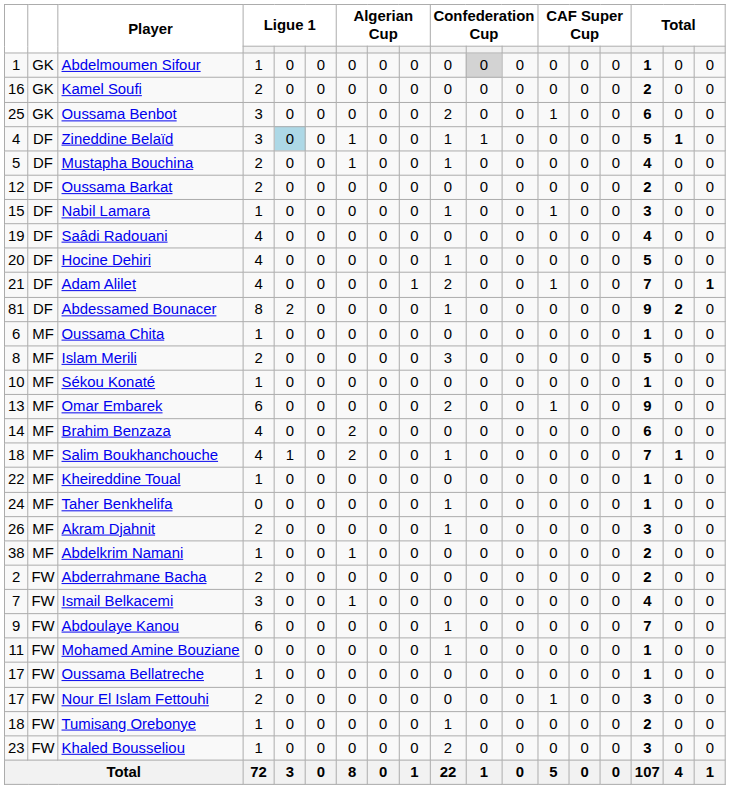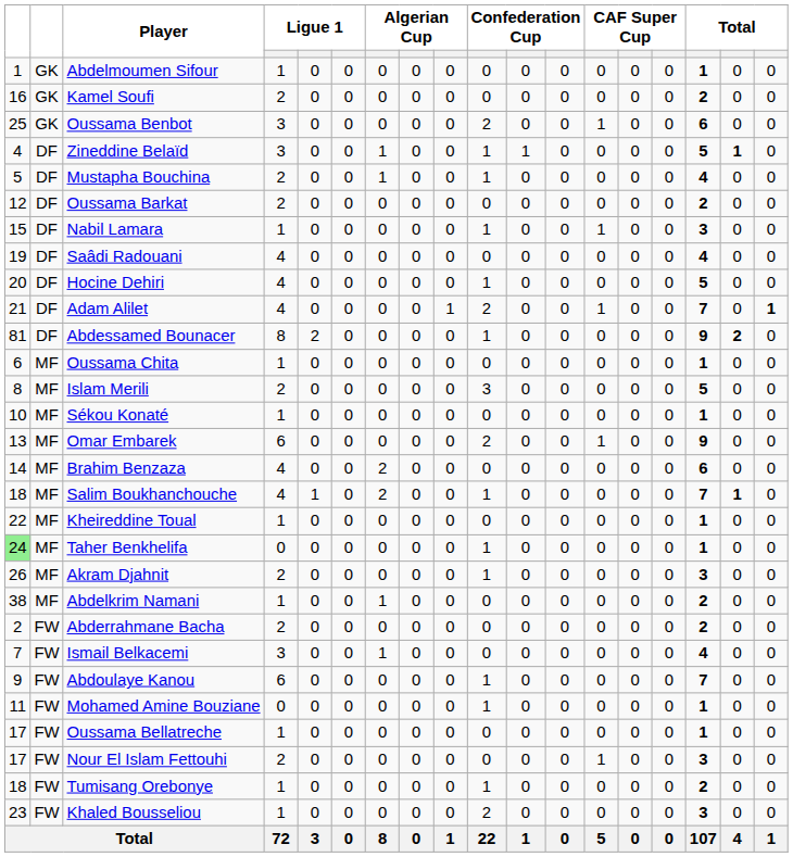 <table class="wikitable sortable nowrap" style="font-size: 96%; text-align: center;">
 <tr>
 <th rowspan="2" style="background:white; color:black; text-align:center;"></th>
 <th rowspan="2" style="background:white; color:black; text-align:center;"></th>
 <th rowspan="2" style="background:white; color:black; text-align:center;">Player</th>
 <th colspan="3" style="background:white; color:black; text-align:center;">Ligue 1</th>
 <th colspan="3" style="background:white; color:black; text-align:center;">Algerian Cup</th>
 <th colspan="3" style="background:white; color:black; text-align:center;">Confederation Cup</th>
 <th colspan="3" style="background:white; color:black; text-align:center;">CAF Super Cup</th>
 <th colspan="3" style="background:white; color:black; text-align:center;">Total</th>
 </tr>
 <tr>
 <th width=25></th>
 <th width=25></th>
 <th width=25></th>
 <th width=25></th>
 <th width=25></th>
 <th width=25></th>
 <th width=25></th>
 <th width=25></th>
 <th width=25></th>
 <th width=25></th>
 <th width=25></th>
 <th width=25></th>
 <th width=25></th>
 <th width=25></th>
 <th width=25></th>
 </tr>
 <tr>
 <td>1</td>
 <td>GK</td>
 <td style="text-align:left"> <a href='#'>Abdelmoumen Sifour</a></td>
 <td>1</td>
 <td>0</td>
 <td>0</td>
 <td>0</td>
 <td>0</td>
 <td>0</td>
 <td>0</td>
-<td style="background: lightgrey;">0</td>
+<td>0</td>
 <td>0</td>
 <td>0</td>
 <td>0</td>
 <td>0</td>
 <td><strong>1</strong></td>
 <td>0</td>
 <td>0</td>
 </tr>
 <tr>
 <td>16</td>
 <td>GK</td>
 <td style="text-align:left"> <a href='#'>Kamel Soufi</a></td>
 <td>2</td>
 <td>0</td>
 <td>0</td>
 <td>0</td>
 <td>0</td>
 <td>0</td>
 <td>0</td>
 <td>0</td>
 <td>0</td>
 <td>0</td>
 <td>0</td>
 <td>0</td>
 <td><strong>2</strong></td>
 <td>0</td>
 <td>0</td>
 </tr>
 <tr>
 <td>25</td>
 <td>GK</td>
 <td style="text-align:left"> <a href='#'>Oussama Benbot</a></td>
 <td>3</td>
 <td>0</td>
 <td>0</td>
 <td>0</td>
 <td>0</td>
 <td>0</td>
 <td>2</td>
 <td>0</td>
 <td>0</td>
 <td>1</td>
 <td>0</td>
 <td>0</td>
 <td><strong>6</strong></td>
 <td>0</td>
 <td>0</td>
 </tr>
 <tr>
 <td>4</td>
 <td>DF</td>
 <td style="text-align:left"> <a href='#'>Zineddine Belaïd</a></td>
 <td>3</td>
-<td style="background: lightblue;">0</td>
+<td>0</td>
 <td>0</td>
 <td>1</td>
 <td>0</td>
 <td>0</td>
 <td>1</td>
 <td>1</td>
 <td>0</td>
 <td>0</td>
 <td>0</td>
 <td>0</td>
 <td><strong>5</strong></td>
 <td><strong>1</strong></td>
 <td>0</td>
 </tr>
 <tr>
 <td>5</td>
 <td>DF</td>
 <td style="text-align:left"> <a href='#'>Mustapha Bouchina</a></td>
 <td>2</td>
 <td>0</td>
 <td>0</td>
 <td>1</td>
 <td>0</td>
 <td>0</td>
 <td>1</td>
 <td>0</td>
 <td>0</td>
 <td>0</td>
 <td>0</td>
 <td>0</td>
 <td><strong>4</strong></td>
 <td>0</td>
 <td>0</td>
 </tr>
 <tr>
 <td>12</td>
 <td>DF</td>
 <td style="text-align:left"> <a href='#'>Oussama Barkat</a></td>
 <td>2</td>
 <td>0</td>
 <td>0</td>
 <td>0</td>
 <td>0</td>
 <td>0</td>
 <td>0</td>
 <td>0</td>
 <td>0</td>
 <td>0</td>
 <td>0</td>
 <td>0</td>
 <td><strong>2</strong></td>
 <td>0</td>
 <td>0</td>
 </tr>
 <tr>
 <td>15</td>
 <td>DF</td>
 <td style="text-align:left"> <a href='#'>Nabil Lamara</a></td>
 <td>1</td>
 <td>0</td>
 <td>0</td>
 <td>0</td>
 <td>0</td>
 <td>0</td>
 <td>1</td>
 <td>0</td>
 <td>0</td>
 <td>1</td>
 <td>0</td>
 <td>0</td>
 <td><strong>3</strong></td>
 <td>0</td>
 <td>0</td>
 </tr>
 <tr>
 <td>19</td>
 <td>DF</td>
 <td style="text-align:left"> <a href='#'>Saâdi Radouani</a></td>
 <td>4</td>
 <td>0</td>
 <td>0</td>
 <td>0</td>
 <td>0</td>
 <td>0</td>
 <td>0</td>
 <td>0</td>
 <td>0</td>
 <td>0</td>
 <td>0</td>
 <td>0</td>
 <td><strong>4</strong></td>
 <td>0</td>
 <td>0</td>
 </tr>
 <tr>
 <td>20</td>
 <td>DF</td>
 <td style="text-align:left"> <a href='#'>Hocine Dehiri</a></td>
 <td>4</td>
 <td>0</td>
 <td>0</td>
 <td>0</td>
 <td>0</td>
 <td>0</td>
 <td>1</td>
 <td>0</td>
 <td>0</td>
 <td>0</td>
 <td>0</td>
 <td>0</td>
 <td><strong>5</strong></td>
 <td>0</td>
 <td>0</td>
 </tr>
 <tr>
 <td>21</td>
 <td>DF</td>
 <td style="text-align:left"> <a href='#'>Adam Alilet</a></td>
 <td>4</td>
 <td>0</td>
 <td>0</td>
 <td>0</td>
 <td>0</td>
 <td>1</td>
 <td>2</td>
 <td>0</td>
 <td>0</td>
 <td>1</td>
 <td>0</td>
 <td>0</td>
 <td><strong>7</strong></td>
 <td>0</td>
 <td><strong>1</strong></td>
 </tr>
 <tr>
 <td>81</td>
 <td>DF</td>
 <td style="text-align:left"> <a href='#'>Abdessamed Bounacer</a></td>
 <td>8</td>
 <td>2</td>
 <td>0</td>
 <td>0</td>
 <td>0</td>
 <td>0</td>
 <td>1</td>
 <td>0</td>
 <td>0</td>
 <td>0</td>
 <td>0</td>
 <td>0</td>
 <td><strong>9</strong></td>
 <td><strong>2</strong></td>
 <td>0</td>
 </tr>
 <tr>
 <td>6</td>
 <td>MF</td>
 <td style="text-align:left"> <a href='#'>Oussama Chita</a></td>
 <td>1</td>
 <td>0</td>
 <td>0</td>
 <td>0</td>
 <td>0</td>
 <td>0</td>
 <td>0</td>
 <td>0</td>
 <td>0</td>
 <td>0</td>
 <td>0</td>
 <td>0</td>
 <td><strong>1</strong></td>
 <td>0</td>
 <td>0</td>
 </tr>
 <tr>
 <td>8</td>
 <td>MF</td>
 <td style="text-align:left"> <a href='#'>Islam Merili</a></td>
 <td>2</td>
 <td>0</td>
 <td>0</td>
 <td>0</td>
 <td>0</td>
 <td>0</td>
 <td>3</td>
 <td>0</td>
 <td>0</td>
 <td>0</td>
 <td>0</td>
 <td>0</td>
 <td><strong>5</strong></td>
 <td>0</td>
 <td>0</td>
 </tr>
 <tr>
 <td>10</td>
 <td>MF</td>
 <td style="text-align:left"> <a href='#'>Sékou Konaté</a></td>
 <td>1</td>
 <td>0</td>
 <td>0</td>
 <td>0</td>
 <td>0</td>
 <td>0</td>
 <td>0</td>
 <td>0</td>
 <td>0</td>
 <td>0</td>
 <td>0</td>
 <td>0</td>
 <td><strong>1</strong></td>
 <td>0</td>
 <td>0</td>
 </tr>
 <tr>
 <td>13</td>
 <td>MF</td>
 <td style="text-align:left"> <a href='#'>Omar Embarek</a></td>
 <td>6</td>
 <td>0</td>
 <td>0</td>
 <td>0</td>
 <td>0</td>
 <td>0</td>
 <td>2</td>
 <td>0</td>
 <td>0</td>
 <td>1</td>
 <td>0</td>
 <td>0</td>
 <td><strong>9</strong></td>
 <td>0</td>
 <td>0</td>
 </tr>
 <tr>
 <td>14</td>
 <td>MF</td>
 <td style="text-align:left"> <a href='#'>Brahim Benzaza</a></td>
 <td>4</td>
 <td>0</td>
 <td>0</td>
 <td>2</td>
 <td>0</td>
 <td>0</td>
 <td>0</td>
 <td>0</td>
 <td>0</td>
 <td>0</td>
 <td>0</td>
 <td>0</td>
 <td><strong>6</strong></td>
 <td>0</td>
 <td>0</td>
 </tr>
 <tr>
 <td>18</td>
 <td>MF</td>
 <td style="text-align:left"> <a href='#'>Salim Boukhanchouche</a></td>
 <td>4</td>
 <td>1</td>
 <td>0</td>
 <td>2</td>
 <td>0</td>
 <td>0</td>
 <td>1</td>
 <td>0</td>
 <td>0</td>
 <td>0</td>
 <td>0</td>
 <td>0</td>
 <td><strong>7</strong></td>
 <td><strong>1</strong></td>
 <td>0</td>
 </tr>
 <tr>
 <td>22</td>
 <td>MF</td>
 <td style="text-align:left"> <a href='#'>Kheireddine Toual</a></td>
 <td>1</td>
 <td>0</td>
 <td>0</td>
 <td>0</td>
 <td>0</td>
 <td>0</td>
 <td>0</td>
 <td>0</td>
 <td>0</td>
 <td>0</td>
 <td>0</td>
 <td>0</td>
 <td><strong>1</strong></td>
 <td>0</td>
 <td>0</td>
 </tr>
 <tr>
-<td>24</td>
+<td style="background: lightgreen;">24</td>
 <td>MF</td>
 <td style="text-align:left"> <a href='#'>Taher Benkhelifa</a></td>
 <td>0</td>
 <td>0</td>
 <td>0</td>
 <td>0</td>
 <td>0</td>
 <td>0</td>
 <td>1</td>
 <td>0</td>
 <td>0</td>
 <td>0</td>
 <td>0</td>
 <td>0</td>
 <td><strong>1</strong></td>
 <td>0</td>
 <td>0</td>
 </tr>
 <tr>
 <td>26</td>
 <td>MF</td>
 <td style="text-align:left"> <a href='#'>Akram Djahnit</a></td>
 <td>2</td>
 <td>0</td>
 <td>0</td>
 <td>0</td>
 <td>0</td>
 <td>0</td>
 <td>1</td>
 <td>0</td>
 <td>0</td>
 <td>0</td>
 <td>0</td>
 <td>0</td>
 <td><strong>3</strong></td>
 <td>0</td>
 <td>0</td>
 </tr>
 <tr>
 <td>38</td>
 <td>MF</td>
 <td style="text-align:left"> <a href='#'>Abdelkrim Namani</a></td>
 <td>1</td>
 <td>0</td>
 <td>0</td>
 <td>1</td>
 <td>0</td>
 <td>0</td>
 <td>0</td>
 <td>0</td>
 <td>0</td>
 <td>0</td>
 <td>0</td>
 <td>0</td>
 <td><strong>2</strong></td>
 <td>0</td>
 <td>0</td>
 </tr>
 <tr>
 <td>2</td>
 <td>FW</td>
 <td style="text-align:left"> <a href='#'>Abderrahmane Bacha</a></td>
 <td>2</td>
 <td>0</td>
 <td>0</td>
 <td>0</td>
 <td>0</td>
 <td>0</td>
 <td>0</td>
 <td>0</td>
 <td>0</td>
 <td>0</td>
 <td>0</td>
 <td>0</td>
 <td><strong>2</strong></td>
 <td>0</td>
 <td>0</td>
 </tr>
 <tr>
 <td>7</td>
 <td>FW</td>
 <td style="text-align:left"> <a href='#'>Ismail Belkacemi</a></td>
 <td>3</td>
 <td>0</td>
 <td>0</td>
 <td>1</td>
 <td>0</td>
 <td>0</td>
 <td>0</td>
 <td>0</td>
 <td>0</td>
 <td>0</td>
 <td>0</td>
 <td>0</td>
 <td><strong>4</strong></td>
 <td>0</td>
 <td>0</td>
 </tr>
 <tr>
 <td>9</td>
 <td>FW</td>
 <td style="text-align:left"> <a href='#'>Abdoulaye Kanou</a></td>
 <td>6</td>
 <td>0</td>
 <td>0</td>
 <td>0</td>
 <td>0</td>
 <td>0</td>
 <td>1</td>
 <td>0</td>
 <td>0</td>
 <td>0</td>
 <td>0</td>
 <td>0</td>
 <td><strong>7</strong></td>
 <td>0</td>
 <td>0</td>
 </tr>
 <tr>
 <td>11</td>
 <td>FW</td>
 <td style="text-align:left"> <a href='#'>Mohamed Amine Bouziane</a></td>
 <td>0</td>
 <td>0</td>
 <td>0</td>
 <td>0</td>
 <td>0</td>
 <td>0</td>
 <td>1</td>
 <td>0</td>
 <td>0</td>
 <td>0</td>
 <td>0</td>
 <td>0</td>
 <td><strong>1</strong></td>
 <td>0</td>
 <td>0</td>
 </tr>
 <tr>
 <td>17</td>
 <td>FW</td>
 <td style="text-align:left"> <a href='#'>Oussama Bellatreche</a></td>
 <td>1</td>
 <td>0</td>
 <td>0</td>
 <td>0</td>
 <td>0</td>
 <td>0</td>
 <td>0</td>
 <td>0</td>
 <td>0</td>
 <td>0</td>
 <td>0</td>
 <td>0</td>
 <td><strong>1</strong></td>
 <td>0</td>
 <td>0</td>
 </tr>
 <tr>
 <td>17</td>
 <td>FW</td>
 <td style="text-align:left"> <a href='#'>Nour El Islam Fettouhi</a></td>
 <td>2</td>
 <td>0</td>
 <td>0</td>
 <td>0</td>
 <td>0</td>
 <td>0</td>
 <td>0</td>
 <td>0</td>
 <td>0</td>
 <td>1</td>
 <td>0</td>
 <td>0</td>
 <td><strong>3</strong></td>
 <td>0</td>
 <td>0</td>
 </tr>
 <tr>
 <td>18</td>
 <td>FW</td>
 <td style="text-align:left"> <a href='#'>Tumisang Orebonye</a></td>
 <td>1</td>
 <td>0</td>
 <td>0</td>
 <td>0</td>
 <td>0</td>
 <td>0</td>
 <td>1</td>
 <td>0</td>
 <td>0</td>
 <td>0</td>
 <td>0</td>
 <td>0</td>
 <td><strong>2</strong></td>
 <td>0</td>
 <td>0</td>
 </tr>
 <tr>
 <td>23</td>
 <td>FW</td>
 <td style="text-align:left"> <a href='#'>Khaled Bousseliou</a></td>
 <td>1</td>
 <td>0</td>
 <td>0</td>
 <td>0</td>
 <td>0</td>
 <td>0</td>
 <td>2</td>
 <td>0</td>
 <td>0</td>
 <td>0</td>
 <td>0</td>
 <td>0</td>
 <td><strong>3</strong></td>
 <td>0</td>
 <td>0</td>
 </tr>
 <tr>
 <th colspan="3">Total</th>
 <th>72</th>
 <th>3</th>
 <th>0</th>
 <th>8</th>
 <th>0</th>
 <th>1</th>
 <th>22</th>
 <th>1</th>
 <th>0</th>
 <th>5</th>
 <th>0</th>
 <th>0</th>
 <th>107</th>
 <th>4</th>
 <th>1</th>
 </tr>
 </table>
